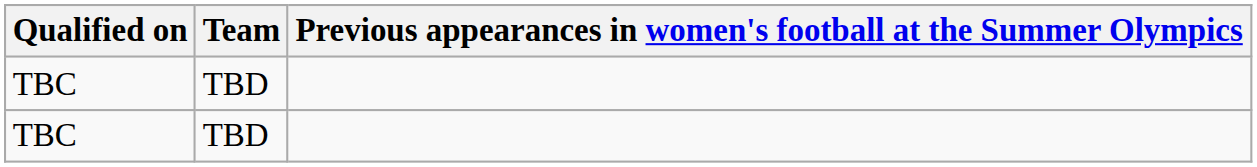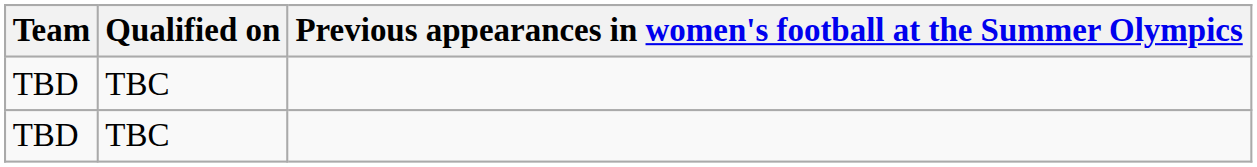 <table class="wikitable sortable">
 <tr>
+<th>Team</th>
 <th>Qualified on</th>
-<th>Team</th>
 <th data-sort-type="number">Previous appearances in <a href='#'>women's football at the Summer Olympics</a></th>
 </tr>
 <tr>
+<td>TBD</td>
 <td>TBC</td>
-<td>TBD</td>
 <td></td>
 </tr>
 <tr>
+<td>TBD</td>
 <td>TBC</td>
-<td>TBD</td>
 <td></td>
 </tr>
 </table>
